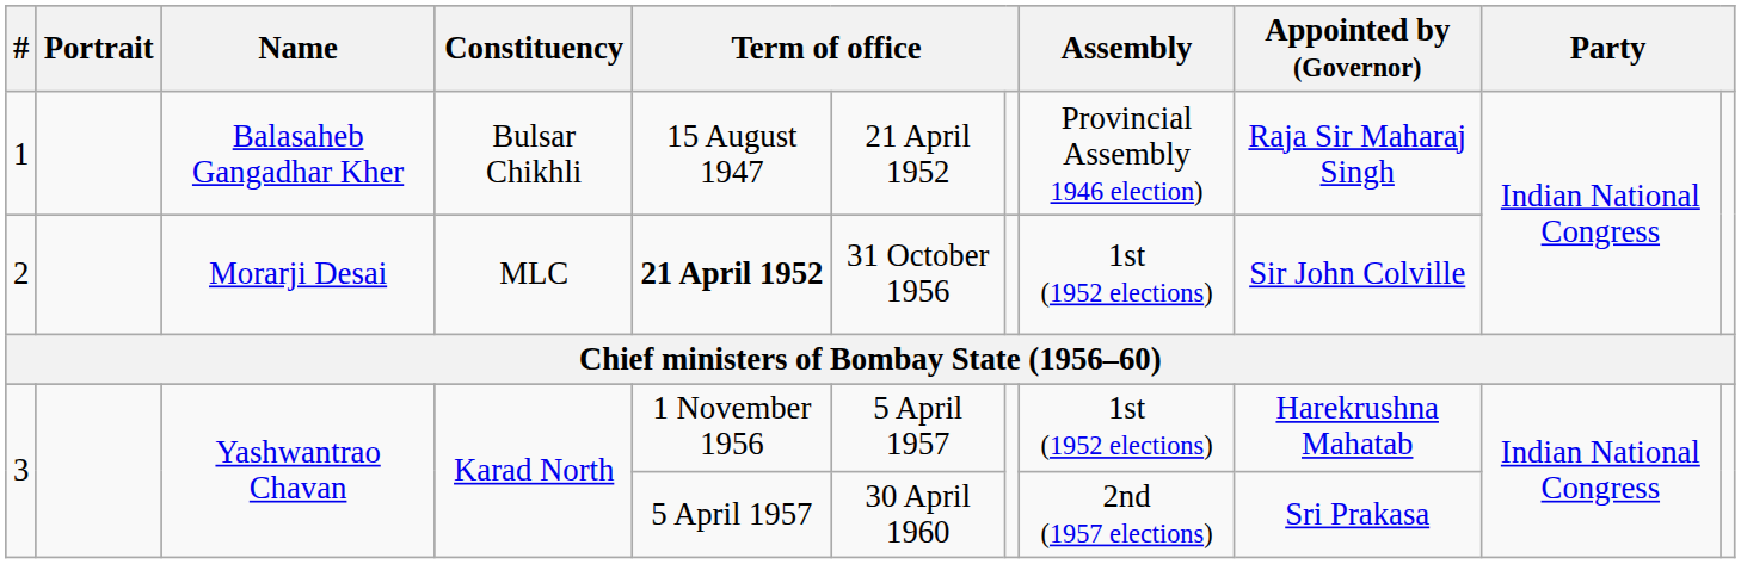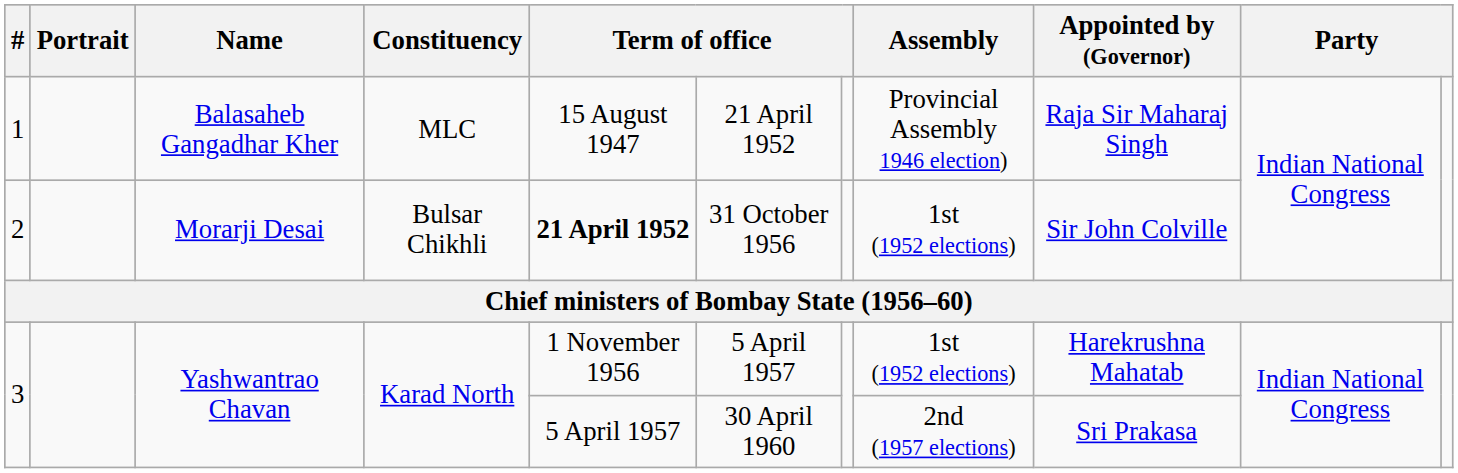 <table class="wikitable">
 <tr>
 <th>#</th>
 <th>Portrait</th>
 <th>Name</th>
 <th>Constituency</th>
 <th colspan="3">Term of office</th>
 <th>Assembly</th>
 <th>Appointed by<br><small>(Governor)</small></th>
 <th colspan="2">Party</th>
 </tr>
 <tr align="center" style="height: 60px;">
 <td>1</td>
 <td></td>
 <td><a href='#'>Balasaheb Gangadhar Kher</a></td>
-<td>Bulsar Chikhli</td>
+<td>MLC</td>
 <td>15 August 1947</td>
 <td>21 April 1952</td>
 <td></td>
 <td>Provincial Assembly<br><small><a href='#'>1946 election</a>)</small></td>
 <td><a href='#'>Raja Sir Maharaj Singh</a></td>
 <td rowspan="2" align="center"><a href='#'>Indian National Congress</a></td>
 <td rowspan="2" style="background-color: "></td>
 </tr>
 <tr align="center" style="height: 60px;">
 <td>2</td>
 <td></td>
 <td><a href='#'>Morarji Desai</a></td>
-<td>MLC</td>
+<td>Bulsar Chikhli</td>
 <td><strong>21 April 1952</strong></td>
 <td>31 October 1956</td>
 <td></td>
 <td>1st<br><small>(<a href='#'>1952 elections</a>)</small></td>
 <td><a href='#'>Sir John Colville</a></td>
 </tr>
 <tr align="center">
 <th colspan="11">Chief ministers of Bombay State (1956–60)</th>
 </tr>
 <tr align="center">
 <td rowspan="2" style="height: 60px;">3</td>
 <td rowspan="2"></td>
 <td rowspan="2"><a href='#'>Yashwantrao Chavan</a></td>
 <td rowspan="2"><a href='#'>Karad North</a></td>
 <td>1 November 1956</td>
 <td>5 April 1957</td>
 <td rowspan="2"></td>
 <td>1st<br><small>(<a href='#'>1952 elections</a>)</small></td>
 <td><a href='#'>Harekrushna Mahatab</a></td>
 <td rowspan="2"><a href='#'>Indian National Congress</a></td>
 <td rowspan="2" style="background-color: "></td>
 </tr>
 <tr align="center">
 <td>5 April 1957</td>
 <td>30 April 1960</td>
 <td>2nd<br><small>(<a href='#'>1957 elections</a>)</small></td>
 <td><a href='#'>Sri Prakasa</a></td>
 </tr>
 </table>
